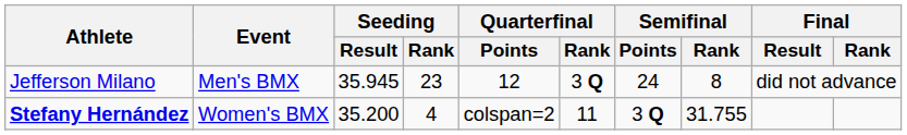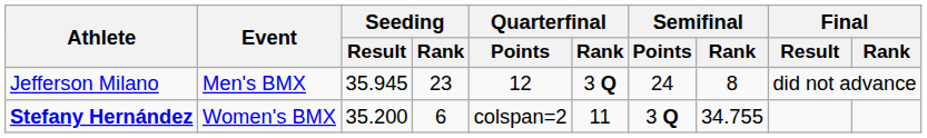 <table class="wikitable" style="font-size:90%;">
 <tr>
 <th rowspan=2>Athlete</th>
 <th rowspan=2>Event</th>
 <th colspan=2>Seeding</th>
 <th colspan=2>Quarterfinal</th>
 <th colspan=2>Semifinal</th>
 <th colspan=2>Final</th>
 </tr>
 <tr style="font-size:95%">
 <th>Result</th>
 <th>Rank</th>
 <th>Points</th>
 <th>Rank</th>
 <th>Points</th>
 <th>Rank</th>
 <th>Result</th>
 <th>Rank</th>
 </tr>
 <tr align=center>
 <td align=left><a href='#'>Jefferson Milano</a></td>
 <td align=left><a href='#'>Men's BMX</a></td>
 <td>35.945</td>
 <td>23</td>
 <td>12</td>
 <td>3 <strong>Q</strong></td>
 <td>24</td>
 <td>8</td>
 <td colspan=2>did not advance</td>
 </tr>
 <tr align=center>
 <td align=left><strong><a href='#'>Stefany Hernández</a></strong></td>
 <td align=left><a href='#'>Women's BMX</a></td>
 <td>35.200</td>
-<td>4</td>
+<td>6</td>
 <td>colspan=2 </td>
 <td>11</td>
 <td>3 <strong>Q</strong></td>
-<td>31.755</td>
+<td>34.755</td>
 <td></td>
 </tr>
 </table>
